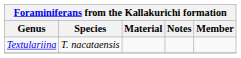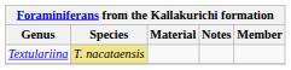 <table class="wikitable" align="center">
 <tr>
 <th colspan="5" align="center"><strong><a href='#'>Foraminiferans</a> from the Kallakurichi formation</strong></th>
 </tr>
 <tr>
 <th>Genus</th>
 <th>Species</th>
 <th>Material</th>
 <th>Notes</th>
 <th>Member</th>
 </tr>
 <tr>
 <td><em><a href='#'>Textulariina</a></em></td>
-<td><em>T. nacataensis</em></td>
+<td style="background: khaki;"><em>T. nacataensis</em></td>
 <td></td>
 <td></td>
 <td></td>
 </tr>
 <tr>
 </tr>
 </table>
